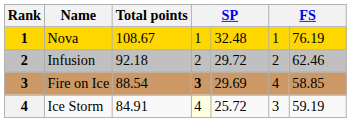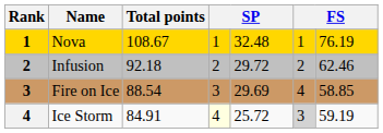 <table class="wikitable sortable">
 <tr>
 <th>Rank</th>
 <th>Name</th>
 <th>Total points</th>
 <th colspan="2" width="80px"><a href='#'>SP</a></th>
 <th colspan="2" width="80px"><a href='#'>FS</a></th>
 </tr>
 <tr bgcolor="gold">
 <td align="center"><strong>1</strong></td>
 <td>Nova</td>
 <td>108.67</td>
 <td>1</td>
 <td>32.48</td>
 <td>1</td>
 <td>76.19</td>
 </tr>
 <tr bgcolor="silver">
 <td align="center"><strong>2</strong></td>
 <td>Infusion</td>
 <td>92.18</td>
 <td>2</td>
 <td>29.72</td>
 <td>2</td>
 <td>62.46</td>
 </tr>
 <tr bgcolor="cc9966">
 <td align="center"><strong>3</strong></td>
 <td>Fire on Ice</td>
 <td>88.54</td>
-<td><strong>3</strong></td>
+<td>3</td>
 <td>29.69</td>
 <td>4</td>
 <td>58.85</td>
 </tr>
 <tr>
 <th>4</th>
 <td>Ice Storm</td>
 <td>84.91</td>
 <td style="background: lightyellow;">4</td>
 <td>25.72</td>
-<td>3</td>
+<td style="background: lightgrey;">3</td>
 <td>59.19</td>
 </tr>
 </table>
